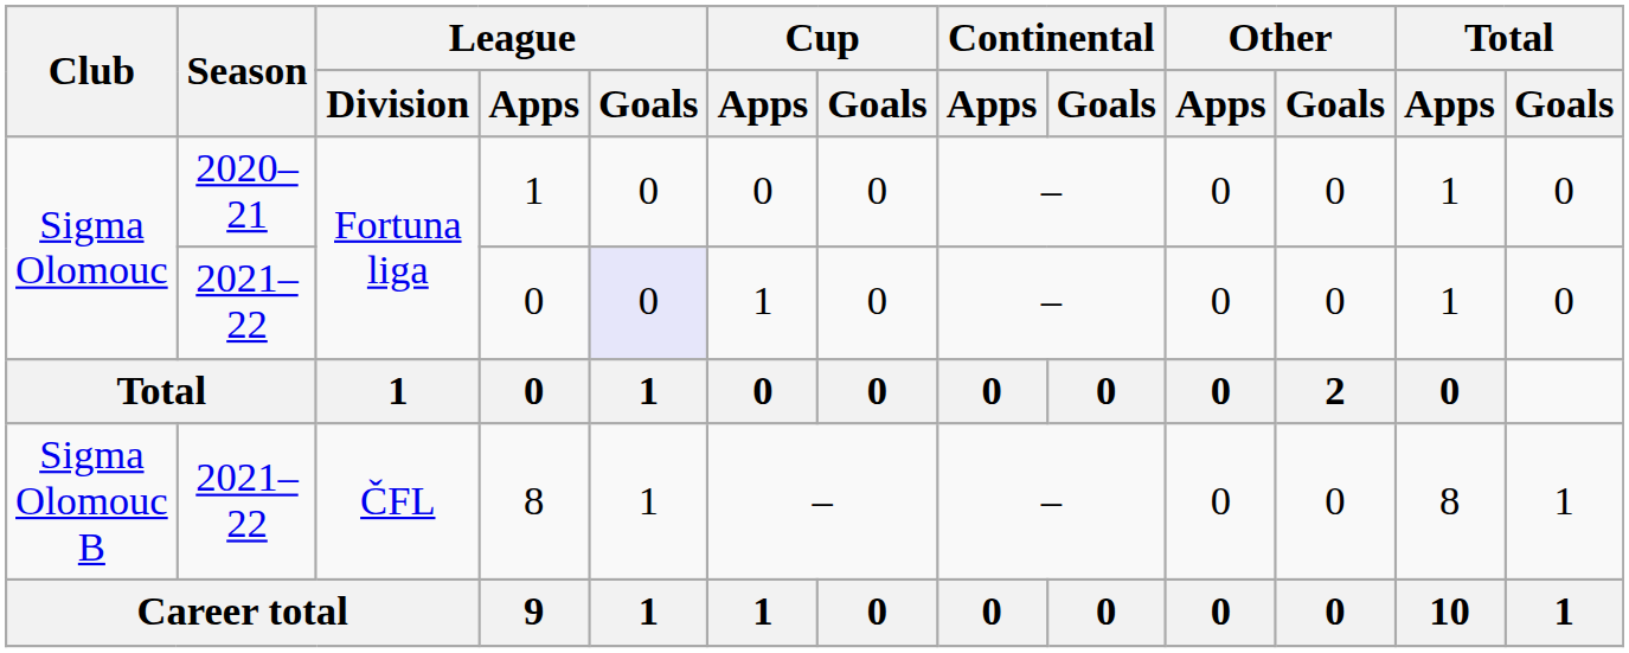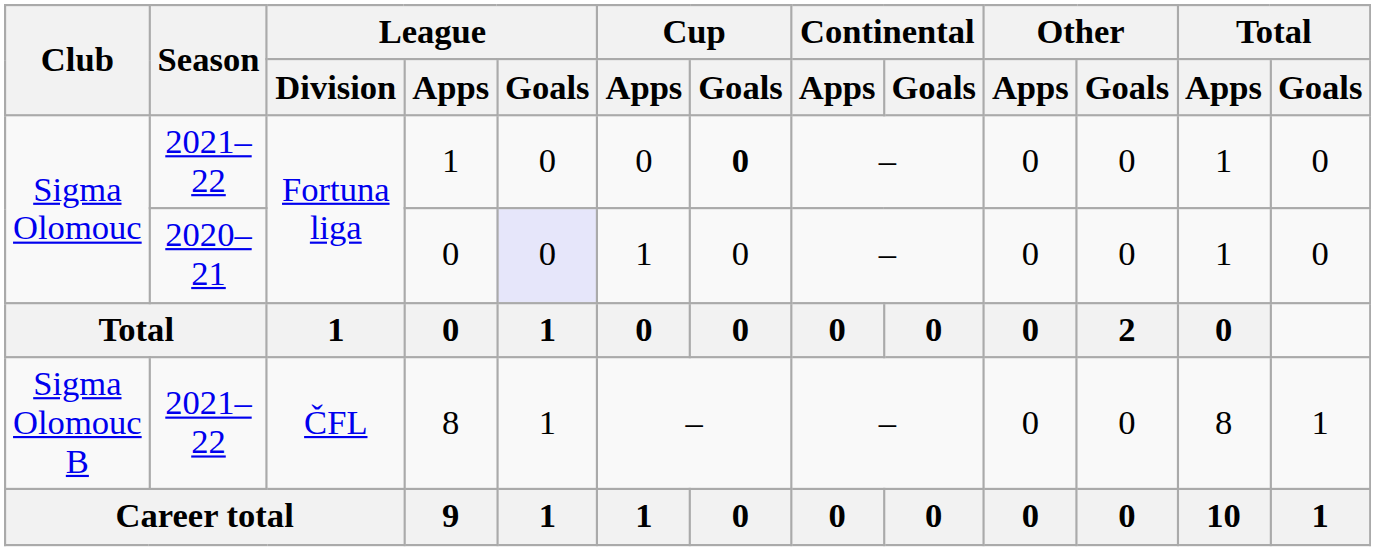 <table class="wikitable" style="text-align: center">
 <tr>
 <th rowspan="2">Club</th>
 <th rowspan="2">Season</th>
 <th colspan="3">League</th>
 <th colspan="2">Cup</th>
 <th colspan="2">Continental</th>
 <th colspan="2">Other</th>
 <th colspan="2">Total</th>
 </tr>
 <tr>
 <th>Division</th>
 <th>Apps</th>
 <th>Goals</th>
 <th>Apps</th>
 <th>Goals</th>
 <th>Apps</th>
 <th>Goals</th>
 <th>Apps</th>
 <th>Goals</th>
 <th>Apps</th>
 <th>Goals</th>
 </tr>
 <tr>
 <td rowspan="2"><a href='#'>Sigma Olomouc</a></td>
-<td><a href='#'>2020–21</a></td>
+<td><a href='#'>2021–22</a></td>
 <td rowspan="2"><a href='#'>Fortuna liga</a></td>
 <td>1</td>
 <td>0</td>
 <td>0</td>
-<td>0</td>
+<td><strong>0</strong></td>
 <td colspan="2">–</td>
 <td>0</td>
 <td>0</td>
 <td>1</td>
 <td>0</td>
 </tr>
 <tr>
-<td><a href='#'>2021–22</a></td>
+<td><a href='#'>2020–21</a></td>
 <td>0</td>
 <td style="background: lavender;">0</td>
 <td>1</td>
 <td>0</td>
 <td colspan="2">–</td>
 <td>0</td>
 <td>0</td>
 <td>1</td>
 <td>0</td>
 </tr>
 <tr>
 <th colspan="2"><strong>Total</strong></th>
 <th>1</th>
 <th>0</th>
 <th>1</th>
 <th>0</th>
 <th>0</th>
 <th>0</th>
 <th>0</th>
 <th>0</th>
 <th>2</th>
 <th>0</th>
 </tr>
 <tr>
 <td><a href='#'>Sigma Olomouc B</a></td>
 <td><a href='#'>2021–22</a></td>
 <td><a href='#'>ČFL</a></td>
 <td>8</td>
 <td>1</td>
 <td colspan="2">–</td>
 <td colspan="2">–</td>
 <td>0</td>
 <td>0</td>
 <td>8</td>
 <td>1</td>
 </tr>
 <tr>
 <th colspan="3"><strong>Career total</strong></th>
 <th>9</th>
 <th>1</th>
 <th>1</th>
 <th>0</th>
 <th>0</th>
 <th>0</th>
 <th>0</th>
 <th>0</th>
 <th>10</th>
 <th>1</th>
 </tr>
 </table>
